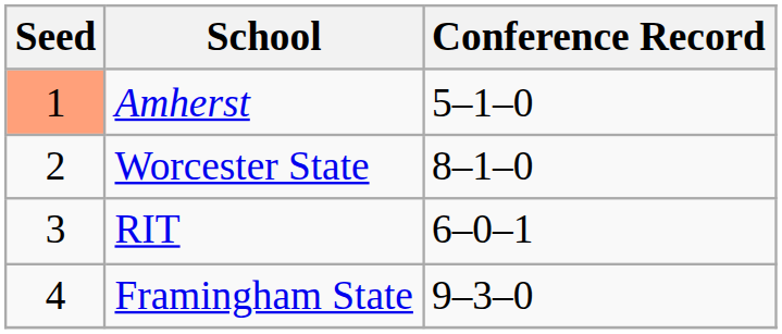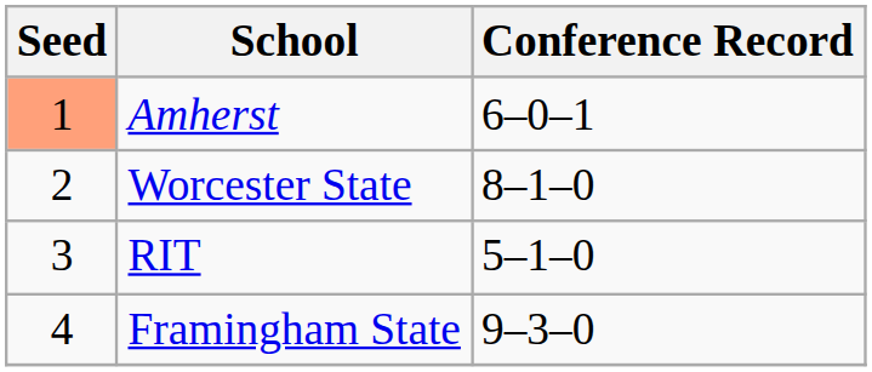 <table class="wikitable">
 <tr>
 <th>Seed</th>
 <th>School</th>
 <th>Conference Record</th>
 </tr>
 <tr>
 <td align=center style="background: lightsalmon;">1</td>
 <td><em><a href='#'>Amherst</a></em></td>
-<td>5–1–0</td>
+<td>6–0–1</td>
 </tr>
 <tr>
 <td align=center>2</td>
 <td><a href='#'>Worcester State</a></td>
 <td>8–1–0</td>
 </tr>
 <tr>
 <td align=center>3</td>
 <td><a href='#'>RIT</a></td>
-<td>6–0–1</td>
+<td>5–1–0</td>
 </tr>
 <tr>
 <td align=center>4</td>
 <td><a href='#'>Framingham State</a></td>
 <td>9–3–0</td>
 </tr>
 <tr>
 </tr>
 </table>
